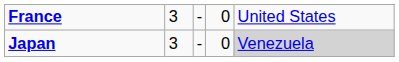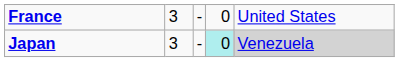 <table class="wikitable">
 <tr>
 <td width=150> <strong><a href='#'>France</a></strong></td>
 <td style="width:20px; text-align:left;">3</td>
 <td>-</td>
 <td style="width:20px; text-align:right;">0</td>
 <td width=150> <a href='#'>United States</a></td>
 </tr>
 <tr>
 <td> <strong><a href='#'>Japan</a></strong></td>
 <td style="text-align:left;">3</td>
 <td>-</td>
-<td style="text-align:right;">0</td>
+<td style="background: paleturquoise; text-align:right;">0</td>
 <td style="background: lightgrey;"> <a href='#'>Venezuela</a></td>
 </tr>
 </table>
